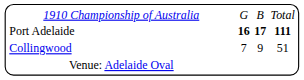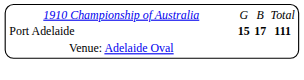 <table style="margin-right:4px; margin-top:8px; float:right; border:1px #000 solid; border-radius:8px; background:#fff; font-family:Verdana; font-size:8pt; text-align:center;">
 <tr>
 <td width=200><em><a href='#'>1910 Championship of Australia</a></em></td>
 <td><em>G</em></td>
 <td><em>B</em></td>
 <td><em>Total</em></td>
 </tr>
 <tr>
 <td style="text-align:left">Port Adelaide</td>
-<td><strong>16</strong></td>
+<td><strong>15</strong></td>
 <td><strong>17</strong></td>
 <td><strong>111</strong></td>
-</tr>
-<tr>
-<td style="text-align:left"><a href='#'>Collingwood</a></td>
-<td>7</td>
-<td>9</td>
-<td>51</td>
 </tr>
 <tr>
 <td>Venue: <a href='#'>Adelaide Oval</a></td>
 <td colspan=3></td>
 </tr>
 </table>
